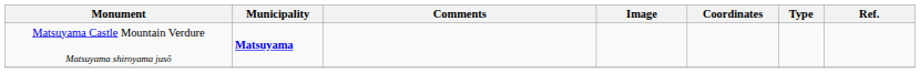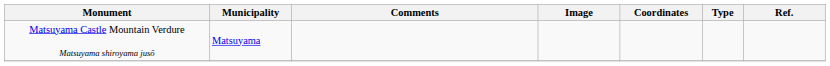 <table class="wikitable sortable"  style="width:100%;">
 <tr>
 <th width="25%" align="left">Monument</th>
 <th width="10%" align="left">Municipality</th>
 <th width="30%" align="left" class="unsortable">Comments</th>
 <th width="10%" align="left" class="unsortable">Image</th>
 <th width="10%" align="left" class="unsortable">Coordinates</th>
 <th width="5%" align="left">Type</th>
 <th width="10%" align="left" class="unsortable">Ref.</th>
 </tr>
 <tr>
 <td align="center"><a href='#'>Matsuyama Castle</a> Mountain Verdure<br><br><small><em>Matsuyama shiroyama jusō</em></small></td>
-<td><strong><a href='#'>Matsuyama</a></strong></td>
+<td><a href='#'>Matsuyama</a></td>
 <td></td>
 <td></td>
 <td></td>
 <td></td>
 <td></td>
 </tr>
 <tr>
 </tr>
 </table>
